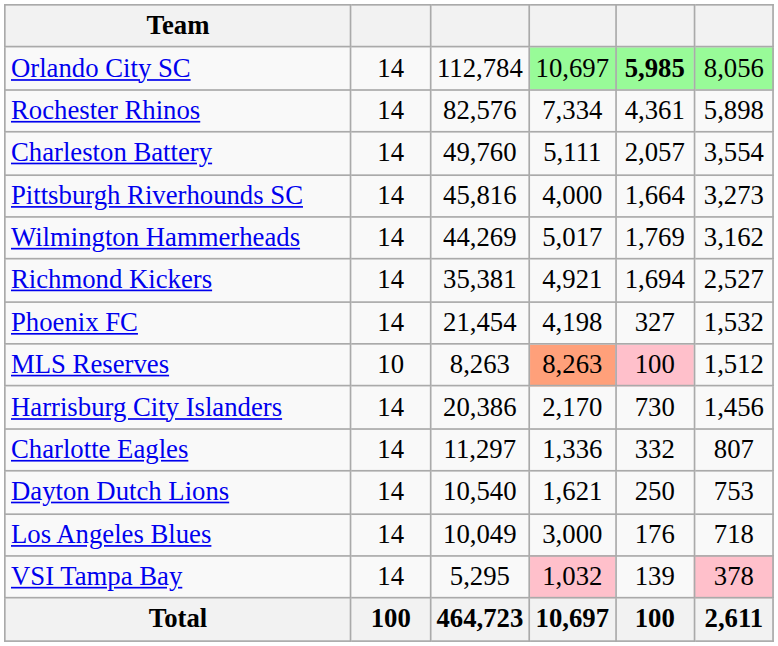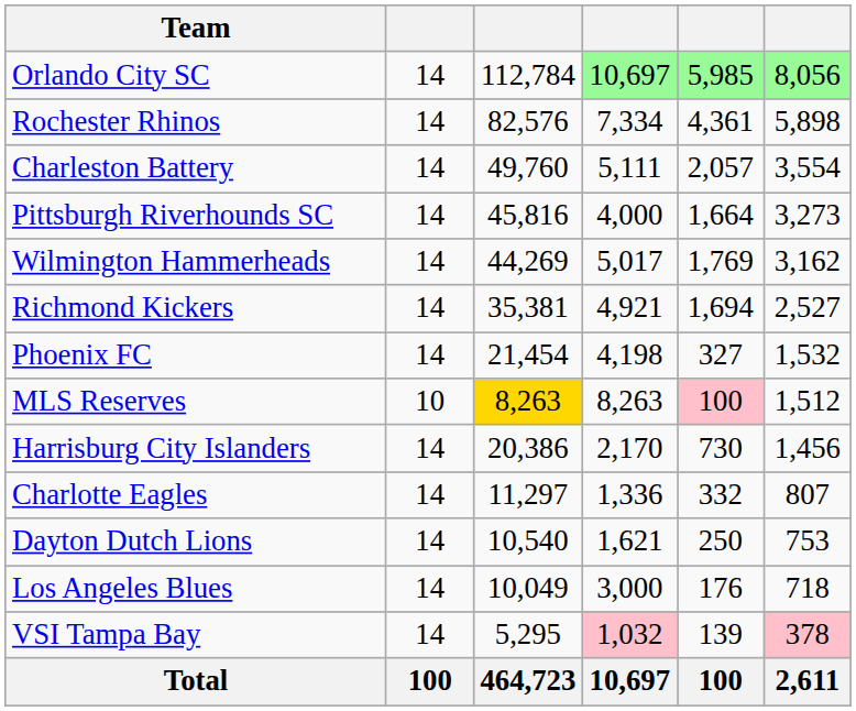 <table class="wikitable sortable">
 <tr>
 <th width=200>Team</th>
 <th width=40></th>
 <th width=40></th>
 <th width=40></th>
 <th width=40></th>
 <th width=40></th>
 </tr>
 <tr align="center">
 <td align="left"><a href='#'>Orlando City SC</a></td>
 <td>14</td>
 <td>112,784</td>
 <td bgcolor="#98fb98">10,697</td>
-<td bgcolor="#98fb98"><strong>5,985</strong></td>
+<td bgcolor="#98fb98">5,985</td>
 <td bgcolor="#98fb98">8,056</td>
 </tr>
 <tr align="center">
 <td align="left"><a href='#'>Rochester Rhinos</a></td>
 <td>14</td>
 <td>82,576</td>
 <td>7,334</td>
 <td>4,361</td>
 <td>5,898</td>
 </tr>
 <tr align="center">
 <td align="left"><a href='#'>Charleston Battery</a></td>
 <td>14</td>
 <td>49,760</td>
 <td>5,111</td>
 <td>2,057</td>
 <td>3,554</td>
 </tr>
 <tr align="center">
 <td align="left"><a href='#'>Pittsburgh Riverhounds SC</a></td>
 <td>14</td>
 <td>45,816</td>
 <td>4,000</td>
 <td>1,664</td>
 <td>3,273</td>
 </tr>
 <tr align="center">
 <td align="left"><a href='#'>Wilmington Hammerheads</a></td>
 <td>14</td>
 <td>44,269</td>
 <td>5,017</td>
 <td>1,769</td>
 <td>3,162</td>
 </tr>
 <tr align="center">
 <td align="left"><a href='#'>Richmond Kickers</a></td>
 <td>14</td>
 <td>35,381</td>
 <td>4,921</td>
 <td>1,694</td>
 <td>2,527</td>
 </tr>
 <tr align="center">
 <td align="left"><a href='#'>Phoenix FC</a></td>
 <td>14</td>
 <td>21,454</td>
 <td>4,198</td>
 <td>327</td>
 <td>1,532</td>
 </tr>
 <tr align="center">
 <td align="left"><a href='#'>MLS Reserves</a></td>
 <td>10</td>
+<td style="background: gold;">8,263</td>
 <td>8,263</td>
-<td style="background: lightsalmon;">8,263</td>
 <td bgcolor="#ffc0cb">100</td>
 <td>1,512</td>
 </tr>
 <tr align="center">
 <td align="left"><a href='#'>Harrisburg City Islanders</a></td>
 <td>14</td>
 <td>20,386</td>
 <td>2,170</td>
 <td>730</td>
 <td>1,456</td>
 </tr>
 <tr align="center">
 <td align="left"><a href='#'>Charlotte Eagles</a></td>
 <td>14</td>
 <td>11,297</td>
 <td>1,336</td>
 <td>332</td>
 <td>807</td>
 </tr>
 <tr align="center">
 <td align="left"><a href='#'>Dayton Dutch Lions</a></td>
 <td>14</td>
 <td>10,540</td>
 <td>1,621</td>
 <td>250</td>
 <td>753</td>
 </tr>
 <tr align="center">
 <td align="left"><a href='#'>Los Angeles Blues</a></td>
 <td>14</td>
 <td>10,049</td>
 <td>3,000</td>
 <td>176</td>
 <td>718</td>
 </tr>
 <tr align="center">
 <td align="left"><a href='#'>VSI Tampa Bay</a></td>
 <td>14</td>
 <td>5,295</td>
 <td bgcolor="#ffc0cb">1,032</td>
 <td>139</td>
 <td bgcolor="#ffc0cb">378</td>
 </tr>
 <tr align="center">
 <th align="left">Total</th>
 <th>100</th>
 <th>464,723</th>
 <th>10,697</th>
 <th>100</th>
 <th>2,611</th>
 </tr>
 </table>
